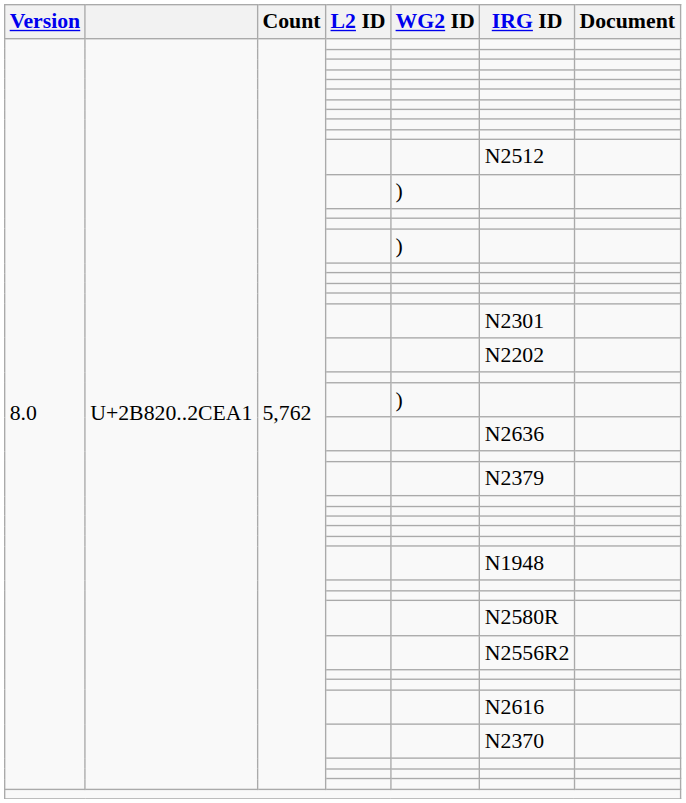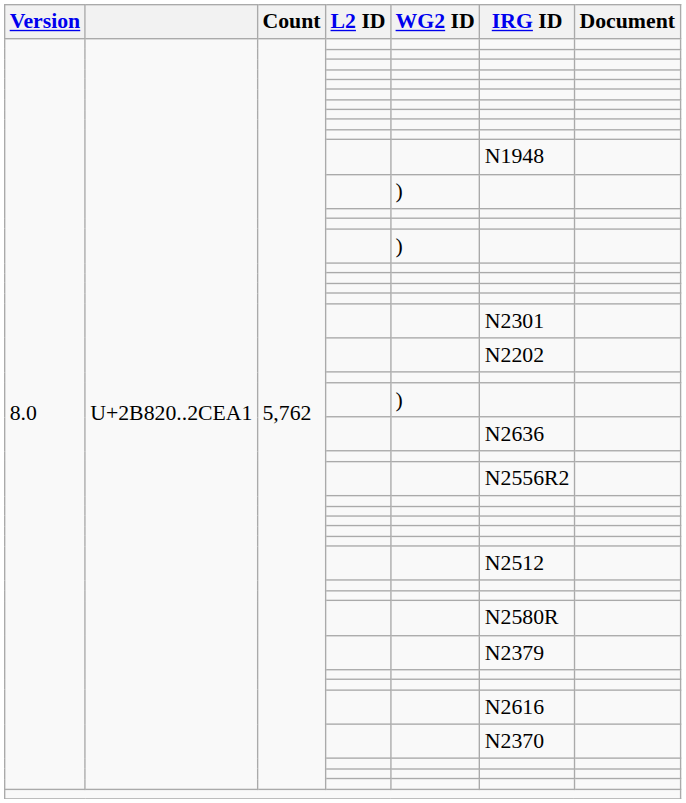 <table class="wikitable collapsible sticky-header">
 <tr>
 <th><a href='#'>Version</a></th>
 <th></th>
 <th>Count</th>
 <th><a href='#'>L2</a> ID</th>
 <th><a href='#'>WG2</a> ID</th>
 <th><a href='#'>IRG</a> ID</th>
 <th>Document</th>
 </tr>
 <tr>
 <td rowspan="43">8.0</td>
 <td rowspan="43">U+2B820..2CEA1</td>
 <td rowspan="43">5,762</td>
 <td></td>
 <td></td>
 <td></td>
 <td></td>
 </tr>
 <tr>
 <td></td>
 <td></td>
 <td></td>
 <td></td>
 </tr>
 <tr>
 <td></td>
 <td></td>
 <td></td>
 <td></td>
 </tr>
 <tr>
 <td></td>
 <td></td>
 <td></td>
 <td></td>
 </tr>
 <tr>
 <td></td>
 <td></td>
 <td></td>
 <td></td>
 </tr>
 <tr>
 <td></td>
 <td></td>
 <td></td>
 <td></td>
 </tr>
 <tr>
 <td></td>
 <td></td>
 <td></td>
 <td></td>
 </tr>
 <tr>
 <td></td>
 <td></td>
 <td></td>
 <td></td>
 </tr>
 <tr>
 <td></td>
 <td></td>
 <td></td>
 <td></td>
 </tr>
 <tr>
 <td></td>
 <td></td>
 <td></td>
 <td></td>
 </tr>
 <tr>
 <td></td>
 <td></td>
-<td>N2512</td>
+<td>N1948</td>
 <td></td>
 </tr>
 <tr>
 <td></td>
 <td> )</td>
 <td></td>
 <td></td>
 </tr>
 <tr>
 <td></td>
 <td></td>
 <td></td>
 <td></td>
 </tr>
 <tr>
 <td></td>
 <td></td>
 <td></td>
 <td></td>
 </tr>
 <tr>
 <td></td>
 <td> )</td>
 <td></td>
 <td></td>
 </tr>
 <tr>
 <td></td>
 <td></td>
 <td></td>
 <td></td>
 </tr>
 <tr>
 <td></td>
 <td></td>
 <td></td>
 <td></td>
 </tr>
 <tr>
 <td></td>
 <td></td>
 <td></td>
 <td></td>
 </tr>
 <tr>
 <td></td>
 <td></td>
 <td></td>
 <td></td>
 </tr>
 <tr>
 <td></td>
 <td></td>
 <td>N2301</td>
 <td></td>
 </tr>
 <tr>
 <td></td>
 <td></td>
 <td>N2202</td>
 <td></td>
 </tr>
 <tr>
 <td></td>
 <td></td>
 <td></td>
 <td></td>
 </tr>
 <tr>
 <td></td>
 <td> )</td>
 <td></td>
 <td></td>
 </tr>
 <tr>
 <td></td>
 <td></td>
 <td>N2636</td>
 <td></td>
 </tr>
 <tr>
 <td></td>
 <td></td>
 <td></td>
 <td></td>
 </tr>
 <tr>
 <td></td>
 <td></td>
-<td>N2379</td>
+<td>N2556R2</td>
 <td></td>
 </tr>
 <tr>
 <td></td>
 <td></td>
 <td></td>
 <td></td>
 </tr>
 <tr>
 <td></td>
 <td></td>
 <td></td>
 <td></td>
 </tr>
 <tr>
 <td></td>
 <td></td>
 <td></td>
 <td></td>
 </tr>
 <tr>
 <td></td>
 <td></td>
 <td></td>
 <td></td>
 </tr>
 <tr>
 <td></td>
 <td></td>
 <td></td>
 <td></td>
 </tr>
 <tr>
 <td></td>
 <td></td>
-<td>N1948</td>
+<td>N2512</td>
 <td></td>
 </tr>
 <tr>
 <td></td>
 <td></td>
 <td></td>
 <td></td>
 </tr>
 <tr>
 <td></td>
 <td></td>
 <td></td>
 <td></td>
 </tr>
 <tr>
 <td></td>
 <td></td>
 <td>N2580R</td>
 <td></td>
 </tr>
 <tr>
 <td></td>
 <td></td>
-<td>N2556R2</td>
+<td>N2379</td>
 <td></td>
 </tr>
 <tr>
 <td></td>
 <td></td>
 <td></td>
 <td></td>
 </tr>
 <tr>
 <td></td>
 <td></td>
 <td></td>
 <td></td>
 </tr>
 <tr>
 <td></td>
 <td></td>
 <td>N2616</td>
 <td></td>
 </tr>
 <tr>
 <td></td>
 <td></td>
 <td>N2370</td>
 <td></td>
 </tr>
 <tr>
 <td></td>
 <td></td>
 <td></td>
 <td></td>
 </tr>
 <tr>
 <td></td>
 <td></td>
 <td></td>
 <td></td>
 </tr>
 <tr>
 <td></td>
 <td></td>
 <td></td>
 <td></td>
 </tr>
 <tr class="sortbottom">
 <td colspan="7"></td>
 </tr>
 </table>
